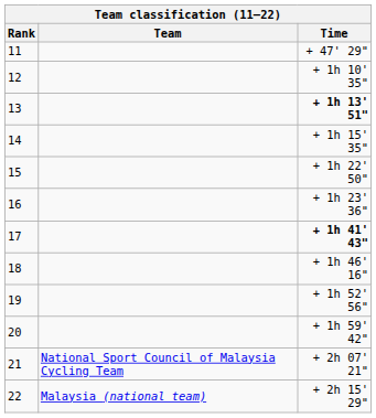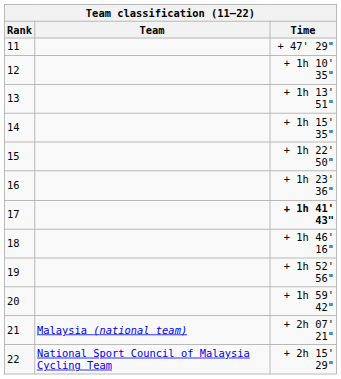 <table class="collapsible collapsed wikitable" style="width:32em;margin-top:0">
 <tr>
 <th colspan=4>Team classification (11–22)</th>
 </tr>
 <tr>
 <th>Rank</th>
 <th>Team</th>
 <th>Time</th>
 </tr>
 <tr>
 <td>11</td>
 <td></td>
 <td align=right>+ 47' 29"</td>
 </tr>
 <tr>
 <td>12</td>
 <td></td>
 <td align=right>+ 1h 10' 35"</td>
 </tr>
 <tr>
 <td>13</td>
 <td></td>
-<td align=right><strong>+ 1h 13' 51"</strong></td>
+<td align=right>+ 1h 13' 51"</td>
 </tr>
 <tr>
 <td>14</td>
 <td></td>
 <td align=right>+ 1h 15' 35"</td>
 </tr>
 <tr>
 <td>15</td>
 <td></td>
 <td align=right>+ 1h 22' 50"</td>
 </tr>
 <tr>
 <td>16</td>
 <td></td>
 <td align=right>+ 1h 23' 36"</td>
 </tr>
 <tr>
 <td>17</td>
 <td></td>
 <td align=right><strong>+ 1h 41' 43"</strong></td>
 </tr>
 <tr>
 <td>18</td>
 <td></td>
 <td align=right>+ 1h 46' 16"</td>
 </tr>
 <tr>
 <td>19</td>
 <td></td>
 <td align=right>+ 1h 52' 56"</td>
 </tr>
 <tr>
 <td>20</td>
 <td></td>
 <td align=right>+ 1h 59' 42"</td>
 </tr>
 <tr>
 <td>21</td>
-<td><a href='#'>National Sport Council of Malaysia Cycling Team</a></td>
+<td><a href='#'>Malaysia <em>(national team)</em></a></td>
 <td align=right>+ 2h 07' 21"</td>
 </tr>
 <tr>
 <td>22</td>
-<td><a href='#'>Malaysia <em>(national team)</em></a></td>
+<td><a href='#'>National Sport Council of Malaysia Cycling Team</a></td>
 <td align=right>+ 2h 15' 29"</td>
 </tr>
 </table>
